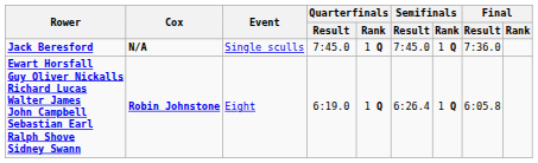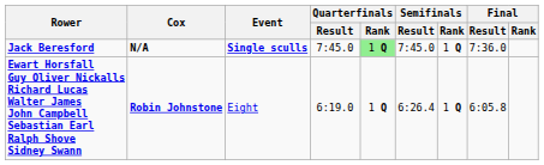 <table class=wikitable style="font-size:90%">
 <tr>
 <th rowspan=2>Rower</th>
 <th rowspan=2>Cox</th>
 <th rowspan=2>Event</th>
 <th colspan=2>Quarterfinals</th>
 <th colspan=2>Semifinals</th>
 <th colspan=2>Final</th>
 </tr>
 <tr>
 <th>Result</th>
 <th>Rank</th>
 <th>Result</th>
 <th>Rank</th>
 <th>Result</th>
 <th>Rank</th>
 </tr>
 <tr>
 <td><strong><a href='#'>Jack Beresford</a></strong></td>
 <td><strong>N/A</strong></td>
-<td><a href='#'>Single sculls</a></td>
+<td><strong><a href='#'>Single sculls</a></strong></td>
 <td align=center>7:45.0</td>
-<td align=center>1 <strong>Q</strong></td>
+<td align=center style="background: lightgreen;">1 <strong>Q</strong></td>
 <td align=center>7:45.0</td>
 <td align=center>1 <strong>Q</strong></td>
 <td align=center>7:36.0</td>
 <td align=center></td>
 </tr>
 <tr>
 <td><strong><a href='#'>Ewart Horsfall</a> <br> <a href='#'>Guy Oliver Nickalls</a> <br> <a href='#'>Richard Lucas</a> <br> <a href='#'>Walter James</a> <br> <a href='#'>John Campbell</a> <br> <a href='#'>Sebastian Earl</a> <br> <a href='#'>Ralph Shove</a> <br> <a href='#'>Sidney Swann</a></strong></td>
 <td><strong><a href='#'>Robin Johnstone</a></strong></td>
 <td><a href='#'>Eight</a></td>
 <td align=center>6:19.0</td>
 <td align=center>1 <strong>Q</strong></td>
 <td align=center>6:26.4</td>
 <td align=center>1 <strong>Q</strong></td>
 <td align=center>6:05.8</td>
 <td align=center></td>
 </tr>
 </table>
